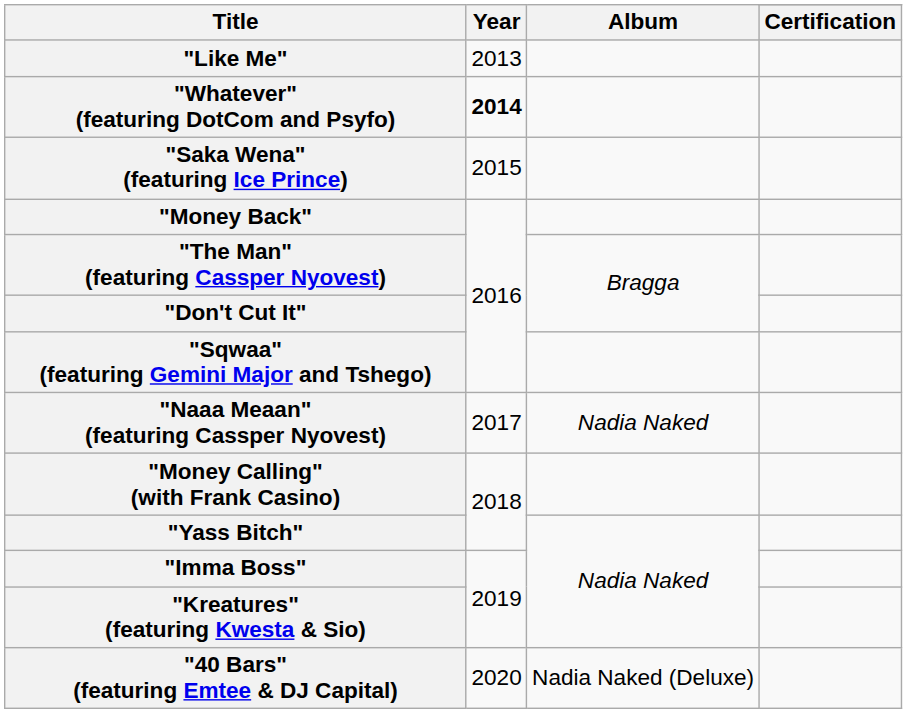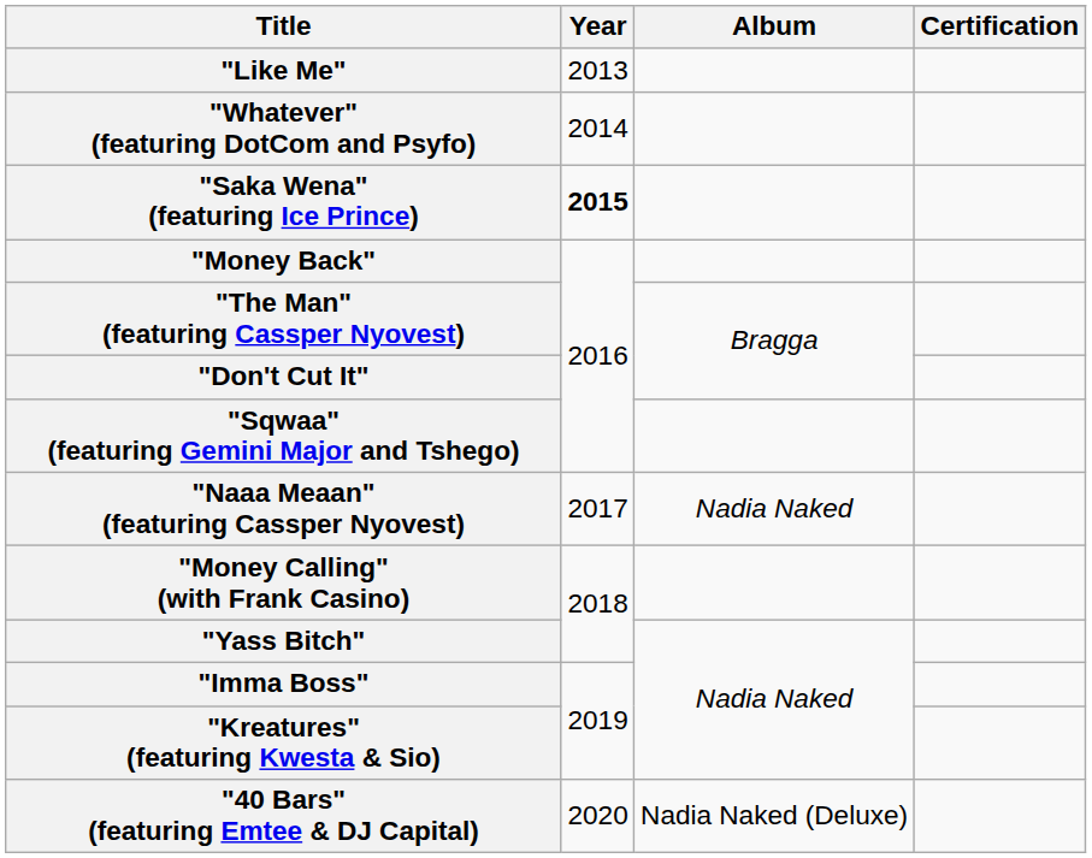 <table class="wikitable plainrowheaders" style="text-align:center;">
 <tr>
 <th scope="col" rowspan="2" style="width:20em;">Title</th>
 <th scope="col" rowspan="2">Year</th>
 <th scope="col" rowspan="2">Album</th>
 </tr>
 <tr>
 <th scope="col" style="width:3em;font-size:100%;">Certification</th>
 </tr>
 <tr>
 <th scope="row">"Like Me"</th>
 <td>2013</td>
 <td></td>
 <td></td>
 </tr>
 <tr>
 <th scope="row">"Whatever"<br><span>(featuring DotCom and Psyfo)</span></th>
-<td><strong>2014</strong></td>
+<td>2014</td>
 <td></td>
 <td></td>
 </tr>
 <tr>
 <th scope="row">"Saka Wena"<br><span>(featuring <a href='#'>Ice Prince</a>)</span></th>
-<td>2015</td>
+<td><strong>2015</strong></td>
 <td></td>
 <td></td>
 </tr>
 <tr>
 <th scope="row">"Money Back"</th>
 <td rowspan="4">2016</td>
 <td></td>
 <td></td>
 </tr>
 <tr>
 <th scope="row">"The Man"<br><span>(featuring <a href='#'>Cassper Nyovest</a>)</span></th>
 <td rowspan="2"><em>Bragga</em></td>
 <td></td>
 </tr>
 <tr>
 <th scope="row">"Don't Cut It"</th>
 <td></td>
 </tr>
 <tr>
 <th scope="row">"Sqwaa"<br><span>(featuring <a href='#'>Gemini Major</a> and Tshego)</span></th>
 <td></td>
 <td></td>
 </tr>
 <tr>
 <th scope="row">"Naaa Meaan"<br><span>(featuring Cassper Nyovest)</span></th>
 <td>2017</td>
 <td><em>Nadia Naked</em></td>
 <td></td>
 </tr>
 <tr>
 <th scope="row">"Money Calling"<br><span>(with Frank Casino)</span></th>
 <td rowspan="2">2018</td>
 <td></td>
 <td></td>
 </tr>
 <tr>
 <th scope="row">"Yass Bitch"</th>
 <td rowspan="3"><em>Nadia Naked</em></td>
 <td></td>
 </tr>
 <tr>
 <th scope="row">"Imma Boss"</th>
 <td rowspan="2">2019</td>
 <td></td>
 </tr>
 <tr>
 <th scope="row">"Kreatures"<br><span>(featuring <a href='#'>Kwesta</a> & Sio)</span></th>
 <td></td>
 </tr>
 <tr>
 <th scope="row">"40 Bars"<br><span>(featuring <a href='#'>Emtee</a> & DJ Capital)</span></th>
 <td rowspan="2">2020</td>
 <td rowspan="2">Nadia Naked (Deluxe)</td>
 <td></td>
 </tr>
 </table>
